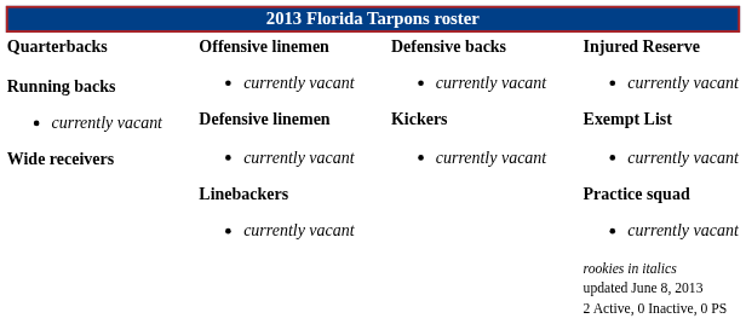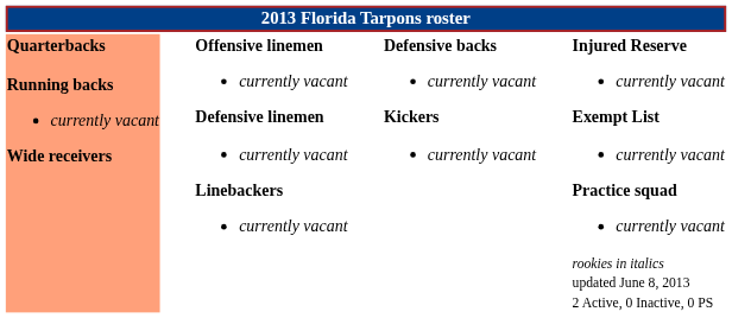 <table class="toccolours" style="text-align: left;">
 <tr>
 <th colspan="7" style="background:#003F87; border:2px solid #B22222; color:white; text-align:center;"><strong>2013 Florida Tarpons roster</strong></th>
 </tr>
 <tr>
-<td style="font-size: 95%;" valign="top"><strong>Quarterbacks</strong><br><br><strong>Running backs</strong><ul><li><em>currently vacant</em></li></ul><strong>Wide receivers</strong> </td>
+<td style="background: lightsalmon; font-size: 95%;" valign="top"><strong>Quarterbacks</strong><br><br><strong>Running backs</strong><ul><li><em>currently vacant</em></li></ul><strong>Wide receivers</strong> </td>
 <td style="width: 25px;"></td>
 <td style="font-size: 95%;" valign="top"><strong>Offensive linemen</strong><br><ul><li><em>currently vacant</em></li></ul><strong>Defensive linemen</strong><ul><li><em>currently vacant</em></li></ul><strong>Linebackers</strong><ul><li><em>currently vacant</em></li></ul></td>
 <td style="width: 25px;"></td>
 <td style="font-size: 95%;" valign="top"><strong>Defensive backs</strong><br><ul><li><em>currently vacant</em></li></ul><strong>Kickers</strong><ul><li><em>currently vacant</em></li></ul></td>
 <td style="width: 25px;"></td>
 <td style="font-size: 95%;" valign="top"><strong>Injured Reserve</strong><br><ul><li><em>currently vacant</em></li></ul><strong>Exempt List</strong><ul><li><em>currently vacant</em></li></ul><strong>Practice squad</strong><ul><li><em>currently vacant</em></li></ul><small><em>rookies in italics</em><br> updated June 8, 2013</small><br> <small>2 Active, 0 Inactive, 0 PS</small></td>
 </tr>
 <tr>
 </tr>
 </table>
